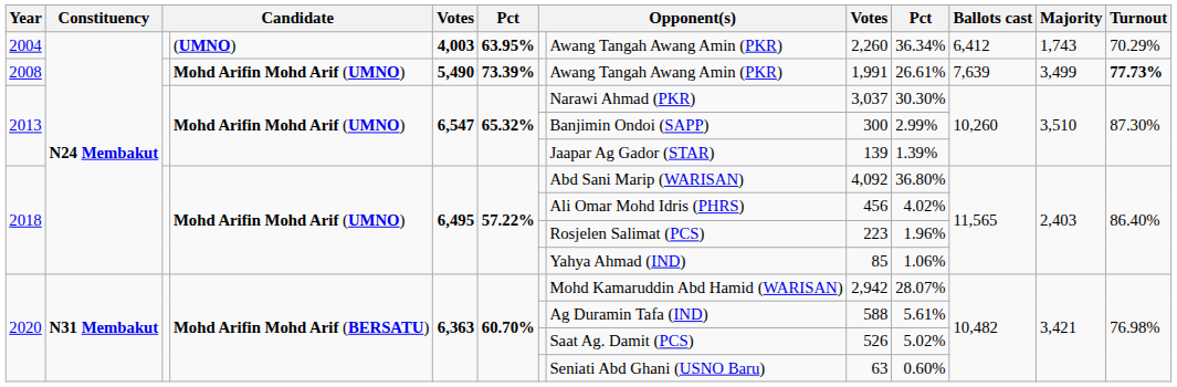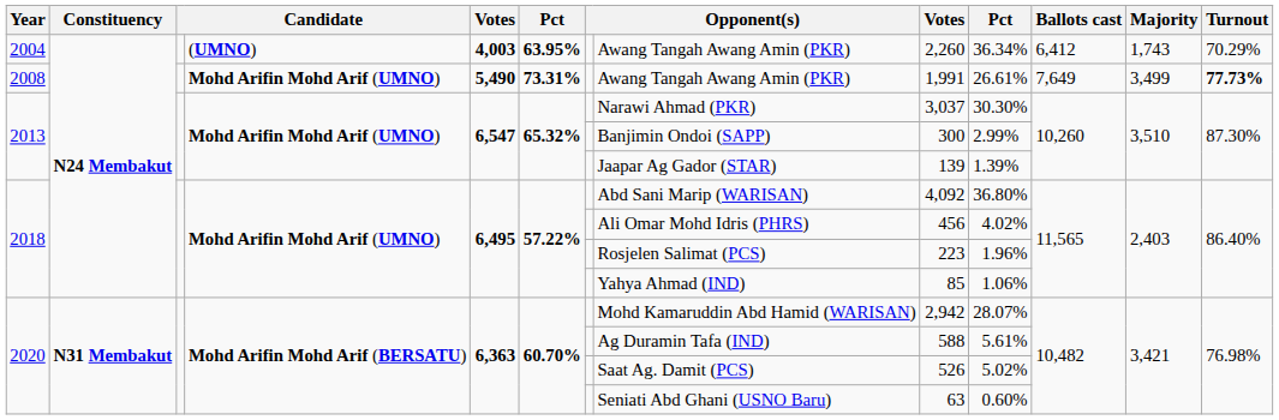 <table class="wikitable" style="margin:0.5em ; font-size:95%">
 <tr>
 <th>Year</th>
 <th>Constituency</th>
 <th colspan=2>Candidate</th>
 <th>Votes</th>
 <th>Pct</th>
 <th colspan=2>Opponent(s)</th>
 <th>Votes</th>
 <th>Pct</th>
 <th>Ballots cast</th>
 <th>Majority</th>
 <th>Turnout</th>
 </tr>
 <tr>
 <td><a href='#'>2004</a></td>
 <td rowspan=9><strong>N24 <a href='#'>Membakut</a></strong></td>
 <td></td>
 <td> (<a href='#'><strong>UMNO</strong></a>)</td>
 <td align="right"><strong>4,003</strong></td>
 <td><strong>63.95%</strong></td>
 <td></td>
 <td>Awang Tangah Awang Amin (<a href='#'>PKR</a>)</td>
 <td align="right">2,260</td>
 <td>36.34%</td>
 <td>6,412</td>
 <td>1,743</td>
 <td>70.29%</td>
 </tr>
 <tr>
 <td rowspan=1><a href='#'>2008</a></td>
 <td rowspan=1 ></td>
 <td rowspan=1><strong>Mohd Arifin Mohd Arif</strong> (<a href='#'><strong>UMNO</strong></a>)</td>
 <td rowspan=1 align="right"><strong>5,490</strong></td>
-<td rowspan=1><strong>73.39%</strong></td>
+<td rowspan=1><strong>73.31%</strong></td>
 <td></td>
 <td>Awang Tangah Awang Amin (<a href='#'>PKR</a>)</td>
 <td align="right">1,991</td>
 <td>26.61%</td>
-<td rowspan=1>7,639</td>
+<td rowspan=1>7,649</td>
 <td rowspan=1>3,499</td>
 <td rowspan=1><strong>77.73%</strong></td>
 </tr>
 <tr>
 <td rowspan=3><a href='#'>2013</a></td>
 <td rowspan=3 ></td>
 <td rowspan=3><strong>Mohd Arifin Mohd Arif</strong> (<a href='#'><strong>UMNO</strong></a>)</td>
 <td rowspan=3 align="right"><strong>6,547</strong></td>
 <td rowspan=3><strong>65.32%</strong></td>
 <td></td>
 <td>Narawi Ahmad (<a href='#'>PKR</a>)</td>
 <td align="right">3,037</td>
 <td>30.30%</td>
 <td rowspan=3>10,260</td>
 <td rowspan=3>3,510</td>
 <td rowspan=3>87.30%</td>
 </tr>
 <tr>
 <td></td>
 <td>Banjimin Ondoi (<a href='#'>SAPP</a>)</td>
 <td align="right">300</td>
 <td>2.99%</td>
 </tr>
 <tr>
 <td></td>
 <td>Jaapar Ag Gador (<a href='#'>STAR</a>)</td>
 <td align="right">139</td>
 <td>1.39%</td>
 </tr>
 <tr>
 <td rowspan=4><a href='#'>2018</a></td>
 <td rowspan=4 ></td>
 <td rowspan=4><strong>Mohd Arifin Mohd Arif</strong> (<a href='#'><strong>UMNO</strong></a>)</td>
 <td rowspan=4 align="right"><strong>6,495</strong></td>
 <td rowspan=4><strong>57.22%</strong></td>
 <td></td>
 <td>Abd Sani Marip (<a href='#'>WARISAN</a>)</td>
 <td align="right">4,092</td>
 <td>36.80%</td>
 <td rowspan=4>11,565</td>
 <td rowspan=4>2,403</td>
 <td rowspan=4>86.40%</td>
 </tr>
 <tr>
 <td></td>
 <td>Ali Omar Mohd Idris (<a href='#'>PHRS</a>)</td>
 <td align="right">456</td>
 <td align="right">4.02%</td>
 </tr>
 <tr>
 <td></td>
 <td>Rosjelen Salimat (<a href='#'>PCS</a>)</td>
 <td align="right">223</td>
 <td align="right">1.96%</td>
 </tr>
 <tr>
 <td></td>
 <td>Yahya Ahmad (<a href='#'>IND</a>)</td>
 <td align="right">85</td>
 <td align="right">1.06%</td>
 </tr>
 <tr>
 <td rowspan=4><a href='#'>2020</a></td>
 <td rowspan=4><strong>N31 <a href='#'>Membakut</a></strong></td>
 <td rowspan=4 bgcolor=></td>
 <td rowspan=4><strong>Mohd Arifin Mohd Arif</strong> (<a href='#'><strong>BERSATU</strong></a>)</td>
 <td rowspan=4 align="right"><strong>6,363</strong></td>
 <td rowspan=4><strong>60.70%</strong></td>
 <td></td>
 <td>Mohd Kamaruddin Abd Hamid (<a href='#'>WARISAN</a>)</td>
 <td align="right">2,942</td>
 <td>28.07%</td>
 <td rowspan=4>10,482</td>
 <td rowspan=4>3,421</td>
 <td rowspan=4>76.98%</td>
 </tr>
 <tr>
 <td></td>
 <td>Ag Duramin Tafa (<a href='#'>IND</a>)</td>
 <td align="right">588</td>
 <td align="right">5.61%</td>
 </tr>
 <tr>
 <td></td>
 <td>Saat Ag. Damit (<a href='#'>PCS</a>)</td>
 <td align="right">526</td>
 <td align="right">5.02%</td>
 </tr>
 <tr>
 <td bgcolor = ></td>
 <td>Seniati Abd Ghani (<a href='#'>USNO Baru</a>)</td>
 <td align="right">63</td>
 <td align="right">0.60%</td>
 </tr>
 </table>
